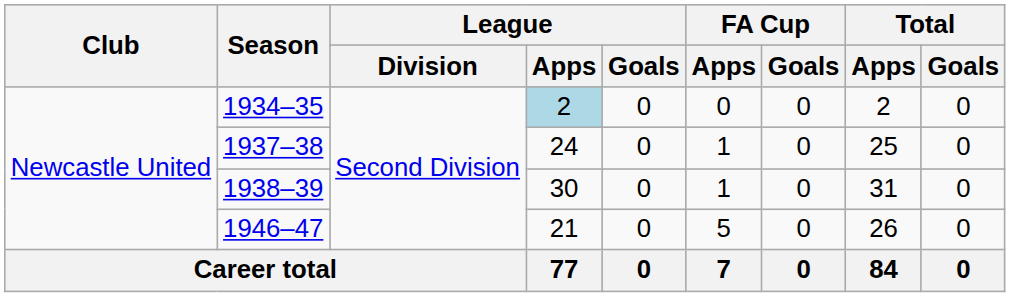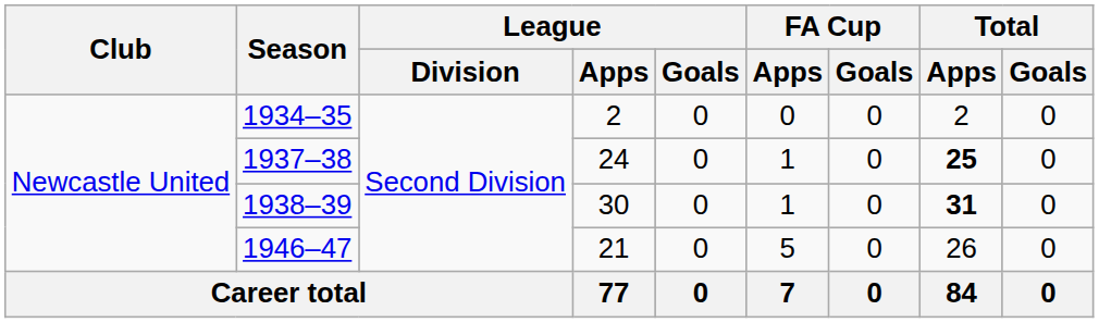 <table class="wikitable" style="text-align: center;">
 <tr>
 <th rowspan="2">Club</th>
 <th rowspan="2">Season</th>
 <th colspan="3">League</th>
 <th colspan="2">FA Cup</th>
 <th colspan="2">Total</th>
 </tr>
 <tr>
 <th>Division</th>
 <th>Apps</th>
 <th>Goals</th>
 <th>Apps</th>
 <th>Goals</th>
 <th>Apps</th>
 <th>Goals</th>
 </tr>
 <tr>
 <td rowspan="4"><a href='#'>Newcastle United</a></td>
 <td><a href='#'>1934–35</a></td>
 <td rowspan="4"><a href='#'>Second Division</a></td>
-<td style="background: lightblue;">2</td>
+<td>2</td>
 <td>0</td>
 <td>0</td>
 <td>0</td>
 <td>2</td>
 <td>0</td>
 </tr>
 <tr>
 <td><a href='#'>1937–38</a></td>
 <td>24</td>
 <td>0</td>
 <td>1</td>
 <td>0</td>
-<td>25</td>
+<td><strong>25</strong></td>
 <td>0</td>
 </tr>
 <tr>
 <td><a href='#'>1938–39</a></td>
 <td>30</td>
 <td>0</td>
 <td>1</td>
 <td>0</td>
-<td>31</td>
+<td><strong>31</strong></td>
 <td>0</td>
 </tr>
 <tr>
 <td><a href='#'>1946–47</a></td>
 <td>21</td>
 <td>0</td>
 <td>5</td>
 <td>0</td>
 <td>26</td>
 <td>0</td>
 </tr>
 <tr>
 <th colspan="3">Career total</th>
 <th>77</th>
 <th>0</th>
 <th>7</th>
 <th>0</th>
 <th>84</th>
 <th>0</th>
 </tr>
 </table>
